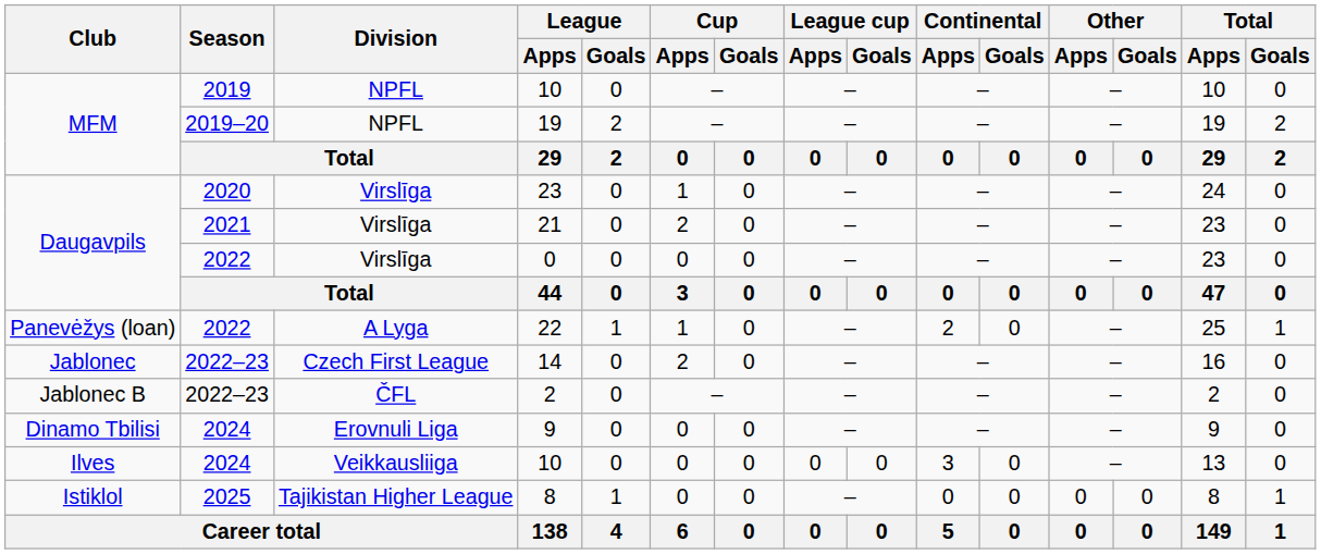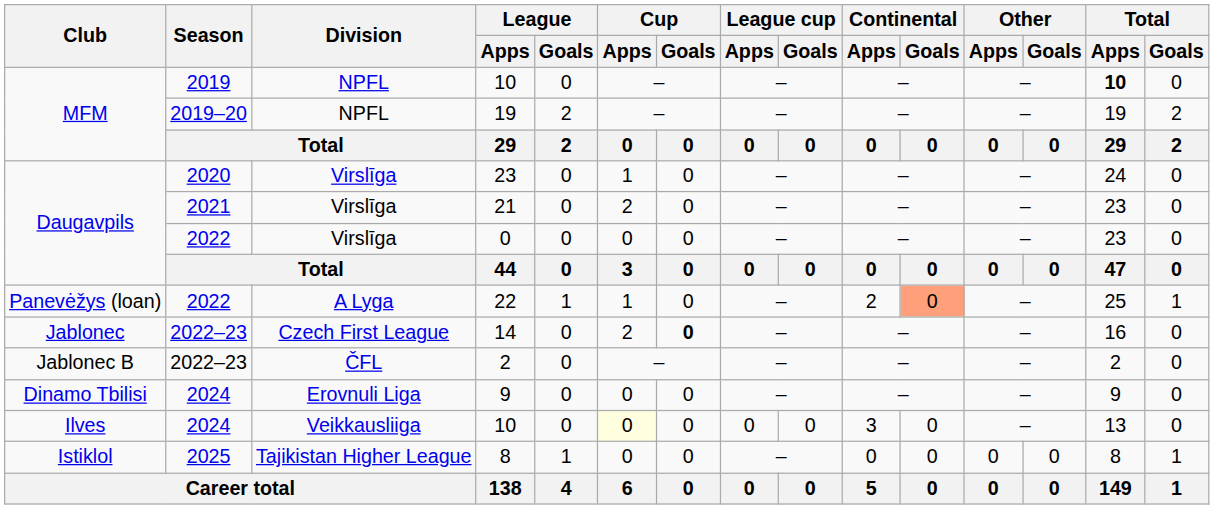 <table class="wikitable" style="text-align:center">
 <tr>
 <th rowspan="2">Club</th>
 <th rowspan="2">Season</th>
 <th rowspan="2">Division</th>
 <th colspan="2">League</th>
 <th colspan="2">Cup</th>
 <th colspan="2">League cup</th>
 <th colspan="2">Continental</th>
 <th colspan="2">Other</th>
 <th colspan="2">Total</th>
 </tr>
 <tr>
 <th>Apps</th>
 <th>Goals</th>
 <th>Apps</th>
 <th>Goals</th>
 <th>Apps</th>
 <th>Goals</th>
 <th>Apps</th>
 <th>Goals</th>
 <th>Apps</th>
 <th>Goals</th>
 <th>Apps</th>
 <th>Goals</th>
 </tr>
 <tr>
 <td rowspan=3><a href='#'>MFM</a></td>
 <td><a href='#'>2019</a></td>
 <td><a href='#'>NPFL</a></td>
 <td>10</td>
 <td>0</td>
 <td colspan=2>–</td>
 <td colspan=2>–</td>
 <td colspan=2>–</td>
 <td colspan=2>–</td>
-<td>10</td>
+<td><strong>10</strong></td>
 <td>0</td>
 </tr>
 <tr>
 <td><a href='#'>2019–20</a></td>
 <td>NPFL</td>
 <td>19</td>
 <td>2</td>
 <td colspan=2>–</td>
 <td colspan=2>–</td>
 <td colspan=2>–</td>
 <td colspan=2>–</td>
 <td>19</td>
 <td>2</td>
 </tr>
 <tr>
 <th colspan="2">Total</th>
 <th>29</th>
 <th>2</th>
 <th>0</th>
 <th>0</th>
 <th>0</th>
 <th>0</th>
 <th>0</th>
 <th>0</th>
 <th>0</th>
 <th>0</th>
 <th>29</th>
 <th>2</th>
 </tr>
 <tr>
 <td rowspan=4><a href='#'>Daugavpils</a></td>
 <td><a href='#'>2020</a></td>
 <td><a href='#'>Virslīga</a></td>
 <td>23</td>
 <td>0</td>
 <td>1</td>
 <td>0</td>
 <td colspan=2>–</td>
 <td colspan=2>–</td>
 <td colspan=2>–</td>
 <td>24</td>
 <td>0</td>
 </tr>
 <tr>
 <td><a href='#'>2021</a></td>
 <td>Virslīga</td>
 <td>21</td>
 <td>0</td>
 <td>2</td>
 <td>0</td>
 <td colspan=2>–</td>
 <td colspan=2>–</td>
 <td colspan=2>–</td>
 <td>23</td>
 <td>0</td>
 </tr>
 <tr>
 <td><a href='#'>2022</a></td>
 <td>Virslīga</td>
 <td>0</td>
 <td>0</td>
 <td>0</td>
 <td>0</td>
 <td colspan=2>–</td>
 <td colspan=2>–</td>
 <td colspan=2>–</td>
 <td>23</td>
 <td>0</td>
 </tr>
 <tr>
 <th colspan="2">Total</th>
 <th>44</th>
 <th>0</th>
 <th>3</th>
 <th>0</th>
 <th>0</th>
 <th>0</th>
 <th>0</th>
 <th>0</th>
 <th>0</th>
 <th>0</th>
 <th>47</th>
 <th>0</th>
 </tr>
 <tr>
 <td><a href='#'>Panevėžys</a> (loan)</td>
 <td><a href='#'>2022</a></td>
 <td><a href='#'>A Lyga</a></td>
 <td>22</td>
 <td>1</td>
 <td>1</td>
 <td>0</td>
 <td colspan=2>–</td>
 <td>2</td>
-<td>0</td>
+<td style="background: lightsalmon;">0</td>
 <td colspan=2>–</td>
 <td>25</td>
 <td>1</td>
 </tr>
 <tr>
 <td><a href='#'>Jablonec</a></td>
 <td><a href='#'>2022–23</a></td>
 <td><a href='#'>Czech First League</a></td>
 <td>14</td>
 <td>0</td>
 <td>2</td>
-<td>0</td>
+<td><strong>0</strong></td>
 <td colspan=2>–</td>
 <td colspan=2>–</td>
 <td colspan=2>–</td>
 <td>16</td>
 <td>0</td>
 </tr>
 <tr>
 <td>Jablonec B</td>
 <td>2022–23</td>
 <td><a href='#'>ČFL</a></td>
 <td>2</td>
 <td>0</td>
 <td colspan=2>–</td>
 <td colspan=2>–</td>
 <td colspan=2>–</td>
 <td colspan=2>–</td>
 <td>2</td>
 <td>0</td>
 </tr>
 <tr>
 <td><a href='#'>Dinamo Tbilisi</a></td>
 <td><a href='#'>2024</a></td>
 <td><a href='#'>Erovnuli Liga</a></td>
 <td>9</td>
 <td>0</td>
 <td>0</td>
 <td>0</td>
 <td colspan=2>–</td>
 <td colspan=2>–</td>
 <td colspan=2>–</td>
 <td>9</td>
 <td>0</td>
 </tr>
 <tr>
 <td><a href='#'>Ilves</a></td>
 <td><a href='#'>2024</a></td>
 <td><a href='#'>Veikkausliiga</a></td>
 <td>10</td>
 <td>0</td>
-<td>0</td>
+<td style="background: lightyellow;">0</td>
 <td>0</td>
 <td>0</td>
 <td>0</td>
 <td>3</td>
 <td>0</td>
 <td colspan=2>–</td>
 <td>13</td>
 <td>0</td>
 </tr>
 <tr>
 <td><a href='#'>Istiklol</a></td>
 <td><a href='#'>2025</a></td>
 <td><a href='#'>Tajikistan Higher League</a></td>
 <td>8</td>
 <td>1</td>
 <td>0</td>
 <td>0</td>
 <td colspan=2>–</td>
 <td>0</td>
 <td>0</td>
 <td>0</td>
 <td>0</td>
 <td>8</td>
 <td>1</td>
 </tr>
 <tr>
 <th colspan="3">Career total</th>
 <th>138</th>
 <th>4</th>
 <th>6</th>
 <th>0</th>
 <th>0</th>
 <th>0</th>
 <th>5</th>
 <th>0</th>
 <th>0</th>
 <th>0</th>
 <th>149</th>
 <th>1</th>
 </tr>
 </table>
